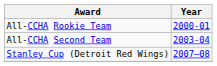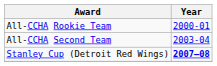 <table class="wikitable">
 <tr>
 <th>Award</th>
 <th>Year</th>
 </tr>
 <tr>
 <td>All-<a href='#'>CCHA</a> <a href='#'>Rookie Team</a></td>
 <td><a href='#'>2000-01</a></td>
 </tr>
 <tr>
 <td>All-<a href='#'>CCHA</a> <a href='#'>Second Team</a></td>
 <td><a href='#'>2003-04</a></td>
 </tr>
 <tr>
 <td><a href='#'>Stanley Cup</a> (Detroit Red Wings)</td>
-<td><a href='#'>2007–08</a></td>
+<td><strong><a href='#'>2007–08</a></strong></td>
 </tr>
 <tr>
 </tr>
 </table>
